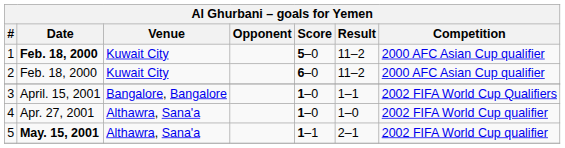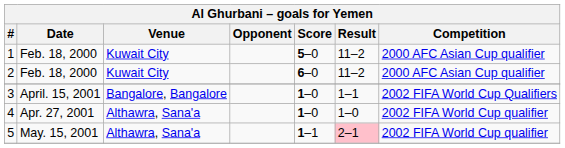 <table class="wikitable" style="text-align: left;" align=center>
 <tr>
 <th colspan="7"><strong>Al Ghurbani – goals for Yemen</strong></th>
 </tr>
 <tr>
 <th>#</th>
 <th>Date</th>
 <th>Venue</th>
 <th>Opponent</th>
 <th>Score</th>
 <th>Result</th>
 <th>Competition</th>
 </tr>
 <tr>
 <td>1</td>
-<td><strong>Feb. 18, 2000</strong></td>
+<td>Feb. 18, 2000</td>
 <td><a href='#'>Kuwait City</a></td>
 <td></td>
 <td><strong>5</strong>–0</td>
 <td>11–2</td>
 <td><a href='#'>2000 AFC Asian Cup qualifier</a></td>
 </tr>
 <tr>
 <td>2</td>
 <td>Feb. 18, 2000</td>
 <td><a href='#'>Kuwait City</a></td>
 <td></td>
 <td><strong>6</strong>–0</td>
 <td>11–2</td>
 <td><a href='#'>2000 AFC Asian Cup qualifier</a></td>
 </tr>
 <tr>
 </tr>
 <tr>
 <td>3</td>
 <td>April. 15, 2001</td>
 <td><a href='#'>Bangalore</a>, <a href='#'>Bangalore</a></td>
 <td></td>
 <td><strong>1</strong>–0</td>
 <td>1–1</td>
 <td><a href='#'>2002 FIFA World Cup Qualifiers</a></td>
 </tr>
 <tr>
 <td>4</td>
 <td>Apr. 27, 2001</td>
 <td><a href='#'>Althawra</a>, <a href='#'>Sana'a</a></td>
 <td></td>
 <td><strong>1</strong>–0</td>
 <td>1–0</td>
 <td><a href='#'>2002 FIFA World Cup qualifier</a></td>
 </tr>
 <tr>
 <td>5</td>
-<td><strong>May. 15, 2001</strong></td>
+<td>May. 15, 2001</td>
 <td><a href='#'>Althawra</a>, <a href='#'>Sana'a</a></td>
 <td></td>
 <td><strong>1</strong>–1</td>
-<td>2–1</td>
+<td style="background: pink;">2–1</td>
 <td><a href='#'>2002 FIFA World Cup qualifier</a></td>
 </tr>
 <tr>
 </tr>
 </table>
